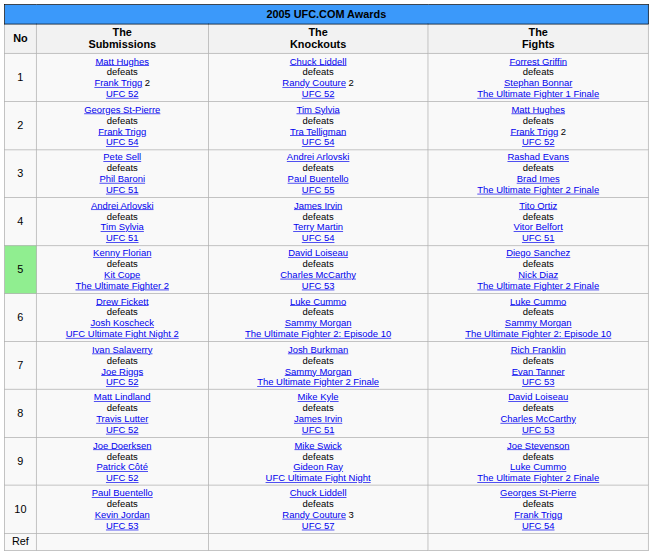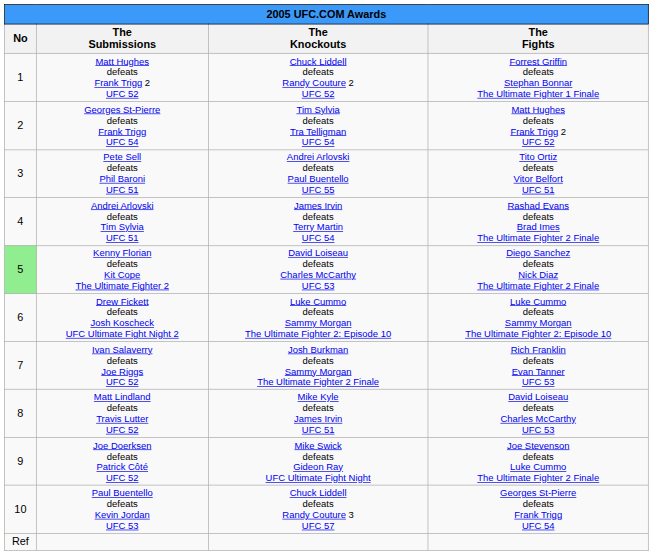 <table class="wikitable" width="75%" style="text-align:Center">
 <tr>
 <th colspan="6" style="border: 1px solid black; padding: 5px; background: #3B99FA;">2005 UFC.COM Awards</th>
 </tr>
 <tr>
 <th>No</th>
 <th>The<br>Submissions</th>
 <th>The<br>Knockouts</th>
 <th>The<br>Fights</th>
 </tr>
 <tr>
 <td>1</td>
 <td style="font-size:87%"><a href='#'>Matt Hughes</a><br> defeats <br><a href='#'>Frank Trigg</a> 2<br><a href='#'>UFC 52</a></td>
 <td style="font-size:87%"><a href='#'>Chuck Liddell</a><br> defeats  <br><a href='#'>Randy Couture</a> 2<br><a href='#'>UFC 52</a></td>
 <td style="font-size:87%"><a href='#'>Forrest Griffin</a><br> defeats  <br><a href='#'>Stephan Bonnar</a><br><a href='#'>The Ultimate Fighter 1 Finale</a></td>
 </tr>
 <tr>
 <td>2</td>
 <td style="font-size:87%"><a href='#'>Georges St-Pierre</a><br> defeats <br><a href='#'>Frank Trigg</a><br><a href='#'>UFC 54</a></td>
 <td style="font-size:87%"><a href='#'>Tim Sylvia</a><br> defeats <br><a href='#'>Tra Telligman</a><br><a href='#'>UFC 54</a></td>
 <td style="font-size:87%"><a href='#'>Matt Hughes</a><br> defeats <br><a href='#'>Frank Trigg</a> 2<br><a href='#'>UFC 52</a></td>
 </tr>
 <tr>
 <td>3</td>
 <td style="font-size:87%"><a href='#'>Pete Sell</a><br> defeats  <br><a href='#'>Phil Baroni</a><br><a href='#'>UFC 51</a></td>
 <td style="font-size:87%"><a href='#'>Andrei Arlovski</a><br> defeats <br><a href='#'>Paul Buentello</a><br><a href='#'>UFC 55</a></td>
-<td style="font-size:87%"><a href='#'>Rashad Evans</a><br> defeats <br><a href='#'>Brad Imes</a><br><a href='#'>The Ultimate Fighter 2 Finale</a></td>
+<td style="font-size:87%"><a href='#'>Tito Ortiz</a><br> defeats <br><a href='#'>Vitor Belfort</a><br><a href='#'>UFC 51</a></td>
 </tr>
 <tr>
 <td>4</td>
 <td style="font-size:87%"><a href='#'>Andrei Arlovski</a><br> defeats <br><a href='#'>Tim Sylvia</a><br><a href='#'>UFC 51</a></td>
 <td style="font-size:87%"><a href='#'>James Irvin</a><br> defeats <br><a href='#'>Terry Martin</a><br><a href='#'>UFC 54</a></td>
-<td style="font-size:87%"><a href='#'>Tito Ortiz</a><br> defeats <br><a href='#'>Vitor Belfort</a><br><a href='#'>UFC 51</a></td>
+<td style="font-size:87%"><a href='#'>Rashad Evans</a><br> defeats <br><a href='#'>Brad Imes</a><br><a href='#'>The Ultimate Fighter 2 Finale</a></td>
 </tr>
 <tr>
 <td style="background: lightgreen;">5</td>
 <td style="font-size:87%"><a href='#'>Kenny Florian</a><br> defeats <br><a href='#'>Kit Cope</a><br><a href='#'>The Ultimate Fighter 2</a></td>
 <td style="font-size:87%"><a href='#'>David Loiseau</a><br> defeats <br><a href='#'>Charles McCarthy</a><br><a href='#'>UFC 53</a></td>
 <td style="font-size:87%"><a href='#'>Diego Sanchez</a><br> defeats <br>  <a href='#'>Nick Diaz</a><br><a href='#'>The Ultimate Fighter 2 Finale</a></td>
 </tr>
 <tr>
 <td>6</td>
 <td style="font-size:87%"><a href='#'>Drew Fickett</a><br> defeats <br> <a href='#'>Josh Koscheck</a><br><a href='#'>UFC Ultimate Fight Night 2</a></td>
 <td style="font-size:87%"><a href='#'>Luke Cummo</a><br> defeats <br><a href='#'>Sammy Morgan</a><br><a href='#'>The Ultimate Fighter 2: Episode 10</a></td>
 <td style="font-size:87%"><a href='#'>Luke Cummo</a><br> defeats <br><a href='#'>Sammy Morgan</a><br><a href='#'>The Ultimate Fighter 2: Episode 10</a></td>
 </tr>
 <tr>
 <td>7</td>
 <td style="font-size:87%"><a href='#'>Ivan Salaverry</a><br> defeats <br><a href='#'>Joe Riggs</a><br><a href='#'>UFC 52</a></td>
 <td style="font-size:87%"><a href='#'>Josh Burkman</a><br> defeats <br><a href='#'>Sammy Morgan</a><br><a href='#'>The Ultimate Fighter 2 Finale</a></td>
 <td style="font-size:87%"><a href='#'>Rich Franklin</a><br> defeats <br><a href='#'>Evan Tanner</a><br><a href='#'>UFC 53</a></td>
 </tr>
 <tr>
 <td>8</td>
 <td style="font-size:87%"><a href='#'>Matt Lindland</a><br> defeats <br><a href='#'>Travis Lutter</a><br><a href='#'>UFC 52</a></td>
 <td style="font-size:87%"><a href='#'>Mike Kyle</a><br> defeats <br><a href='#'>James Irvin</a><br><a href='#'>UFC 51</a></td>
 <td style="font-size:87%"><a href='#'>David Loiseau</a><br> defeats <br><a href='#'>Charles McCarthy</a><br><a href='#'>UFC 53</a></td>
 </tr>
 <tr>
 <td>9</td>
 <td style="font-size:87%"><a href='#'>Joe Doerksen</a> <br> defeats <br> <a href='#'>Patrick Côté</a><br><a href='#'>UFC 52</a></td>
 <td style="font-size:87%"><a href='#'>Mike Swick</a> <br> defeats <br><a href='#'>Gideon Ray</a><br><a href='#'>UFC Ultimate Fight Night</a></td>
 <td style="font-size:87%"><a href='#'>Joe Stevenson</a><br> defeats <br><a href='#'>Luke Cummo</a><br><a href='#'>The Ultimate Fighter 2 Finale</a></td>
 </tr>
 <tr>
 <td>10</td>
 <td style="font-size:87%"><a href='#'>Paul Buentello</a><br> defeats <br><a href='#'>Kevin Jordan</a><br><a href='#'>UFC 53</a></td>
 <td style="font-size:87%"><a href='#'>Chuck Liddell</a> <br> defeats <br> <a href='#'>Randy Couture</a> 3 <br> <a href='#'>UFC 57</a></td>
 <td style="font-size:87%"><a href='#'>Georges St-Pierre</a><br> defeats <br><a href='#'>Frank Trigg</a><br><a href='#'>UFC 54</a></td>
 </tr>
 <tr>
 <td>Ref</td>
 <td></td>
 <td></td>
 <td></td>
 </tr>
 </table>
